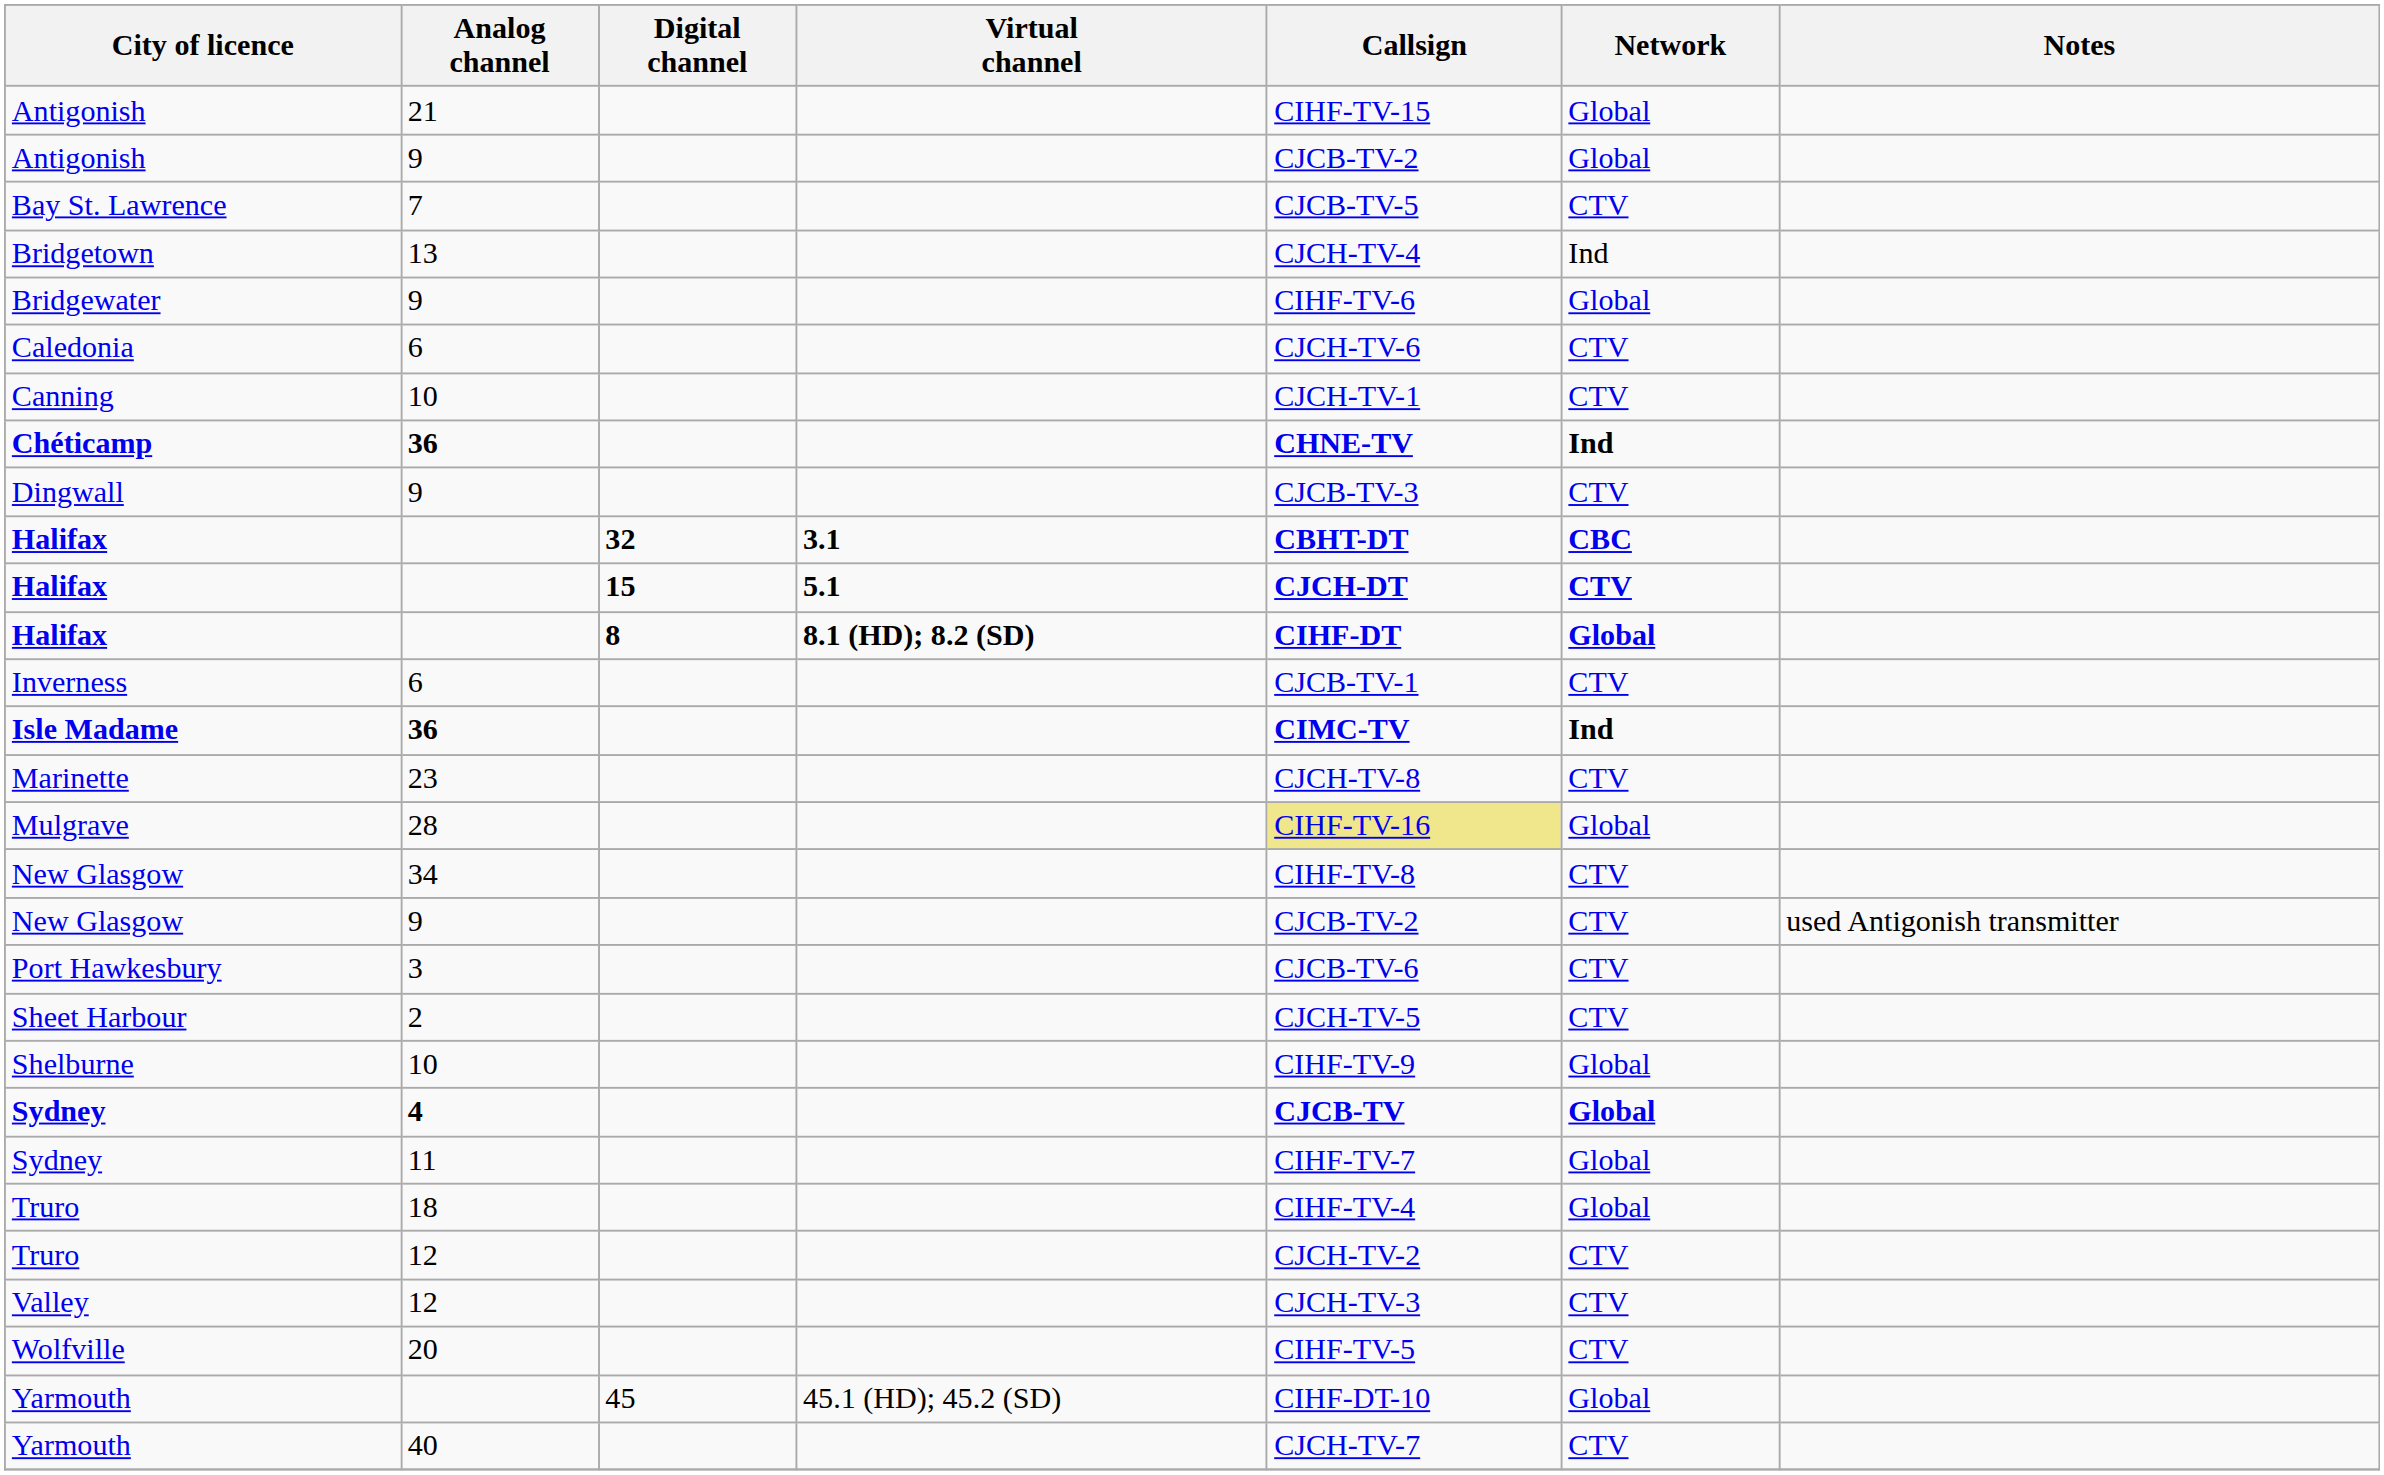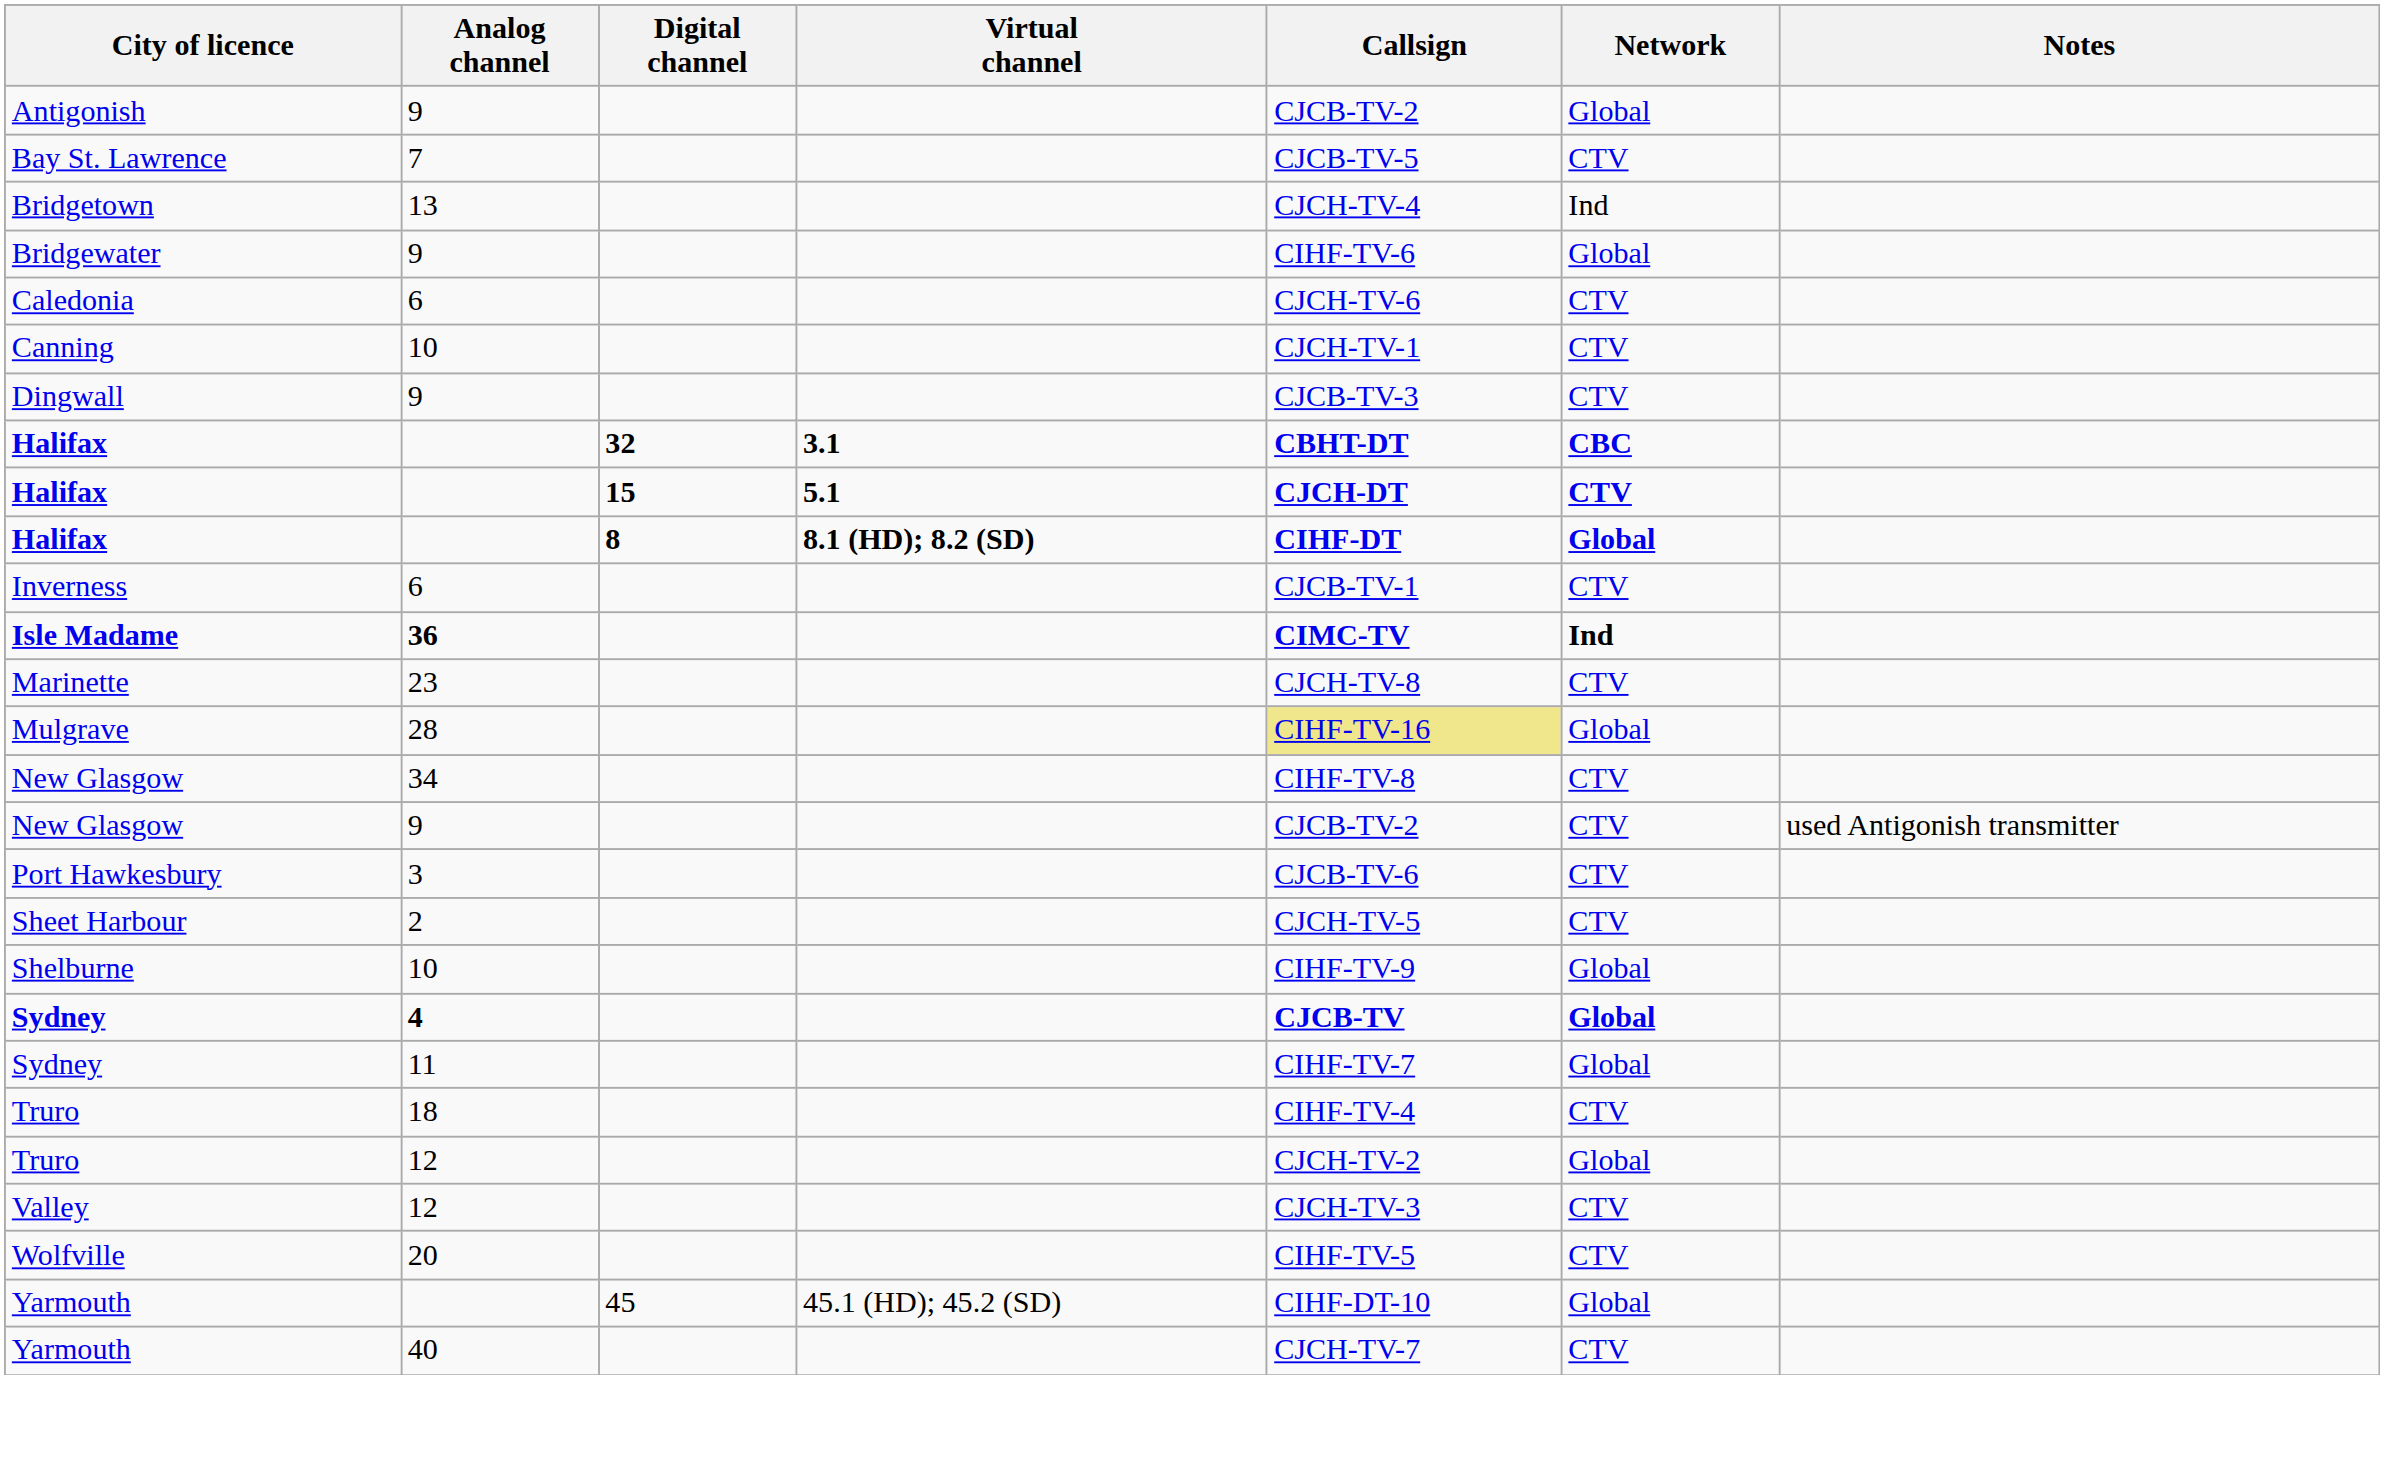 <table class="sortable wikitable" width="100%">
 <tr>
 <th>City of licence</th>
 <th>Analog<br>channel</th>
 <th>Digital<br>channel</th>
 <th>Virtual<br>channel</th>
 <th>Callsign</th>
 <th>Network</th>
 <th>Notes</th>
-</tr>
-<tr>
-<td><a href='#'>Antigonish</a></td>
-<td>21</td>
-<td></td>
-<td></td>
-<td><a href='#'>CIHF-TV-15</a></td>
-<td><a href='#'>Global</a></td>
-<td></td>
 </tr>
 <tr>
 <td><a href='#'>Antigonish</a></td>
 <td>9</td>
 <td></td>
 <td></td>
 <td><a href='#'>CJCB-TV-2</a></td>
 <td><a href='#'>Global</a></td>
 <td></td>
 </tr>
 <tr>
 <td><a href='#'>Bay St. Lawrence</a></td>
 <td>7</td>
 <td></td>
 <td></td>
 <td><a href='#'>CJCB-TV-5</a></td>
 <td><a href='#'>CTV</a></td>
 <td></td>
 </tr>
 <tr>
 <td><a href='#'>Bridgetown</a></td>
 <td>13</td>
 <td></td>
 <td></td>
 <td><a href='#'>CJCH-TV-4</a></td>
 <td>Ind</td>
 <td></td>
 </tr>
 <tr>
 <td><a href='#'>Bridgewater</a></td>
 <td>9</td>
 <td></td>
 <td></td>
 <td><a href='#'>CIHF-TV-6</a></td>
 <td><a href='#'>Global</a></td>
 <td></td>
 </tr>
 <tr>
 <td><a href='#'>Caledonia</a></td>
 <td>6</td>
 <td></td>
 <td></td>
 <td><a href='#'>CJCH-TV-6</a></td>
 <td><a href='#'>CTV</a></td>
 <td></td>
 </tr>
 <tr>
 <td><a href='#'>Canning</a></td>
 <td>10</td>
 <td></td>
 <td></td>
 <td><a href='#'>CJCH-TV-1</a></td>
 <td><a href='#'>CTV</a></td>
-<td></td>
-</tr>
-<tr style="vertical-align: top; text-align: left; font-weight: bold; ">
-<td><a href='#'>Chéticamp</a></td>
-<td>36</td>
-<td></td>
-<td></td>
-<td><a href='#'>CHNE-TV</a></td>
-<td>Ind</td>
 <td></td>
 </tr>
 <tr>
 <td><a href='#'>Dingwall</a></td>
 <td>9</td>
 <td></td>
 <td></td>
 <td><a href='#'>CJCB-TV-3</a></td>
 <td><a href='#'>CTV</a></td>
 <td></td>
 </tr>
 <tr style="vertical-align: top; text-align: left; font-weight: bold; ">
 <td><a href='#'>Halifax</a></td>
 <td></td>
 <td>32</td>
 <td>3.1</td>
 <td><a href='#'>CBHT-DT</a></td>
 <td><a href='#'>CBC</a></td>
 <td></td>
 </tr>
 <tr style="vertical-align: top; text-align: left; font-weight: bold; ">
 <td><a href='#'>Halifax</a></td>
 <td></td>
 <td>15</td>
 <td>5.1</td>
 <td><a href='#'>CJCH-DT</a></td>
 <td><a href='#'>CTV</a></td>
 <td></td>
 </tr>
 <tr style="vertical-align: top; text-align: left; font-weight: bold; ">
 <td><a href='#'>Halifax</a></td>
 <td></td>
 <td>8</td>
 <td>8.1 (HD); 8.2 (SD)</td>
 <td><a href='#'>CIHF-DT</a></td>
 <td><a href='#'>Global</a></td>
 <td></td>
 </tr>
 <tr style="vertical align: top; text align: left;">
 <td><a href='#'>Inverness</a></td>
 <td>6</td>
 <td></td>
 <td></td>
 <td><a href='#'>CJCB-TV-1</a></td>
 <td><a href='#'>CTV</a></td>
 <td></td>
 </tr>
 <tr style="vertical-align: top; text-align: left; font-weight: bold; ">
 <td><a href='#'>Isle Madame</a></td>
 <td>36</td>
 <td></td>
 <td></td>
 <td><a href='#'>CIMC-TV</a></td>
 <td>Ind</td>
 <td></td>
 </tr>
 <tr>
 <td><a href='#'>Marinette</a></td>
 <td>23</td>
 <td></td>
 <td></td>
 <td><a href='#'>CJCH-TV-8</a></td>
 <td><a href='#'>CTV</a></td>
 <td></td>
 </tr>
 <tr style="vertical align: top; text align: left;">
 <td><a href='#'>Mulgrave</a></td>
 <td>28</td>
 <td></td>
 <td></td>
 <td style="background: khaki;"><a href='#'>CIHF-TV-16</a></td>
 <td><a href='#'>Global</a></td>
 <td></td>
 </tr>
 <tr style="vertical align: top; text align: left;">
 <td><a href='#'>New Glasgow</a></td>
 <td>34</td>
 <td></td>
 <td></td>
 <td><a href='#'>CIHF-TV-8</a></td>
 <td><a href='#'>CTV</a></td>
 <td></td>
 </tr>
 <tr style="vertical align: top; text align: left;">
 <td><a href='#'>New Glasgow</a></td>
 <td>9</td>
 <td></td>
 <td></td>
 <td><a href='#'>CJCB-TV-2</a></td>
 <td><a href='#'>CTV</a></td>
 <td>used Antigonish transmitter</td>
 </tr>
 <tr style="vertical align: top; text align: left;">
 <td><a href='#'>Port Hawkesbury</a></td>
 <td>3</td>
 <td></td>
 <td></td>
 <td><a href='#'>CJCB-TV-6</a></td>
 <td><a href='#'>CTV</a></td>
 <td></td>
 </tr>
 <tr style="vertical align: top; text align: left;">
 <td><a href='#'>Sheet Harbour</a></td>
 <td>2</td>
 <td></td>
 <td></td>
 <td><a href='#'>CJCH-TV-5</a></td>
 <td><a href='#'>CTV</a></td>
 <td></td>
 </tr>
 <tr>
 <td><a href='#'>Shelburne</a></td>
 <td>10</td>
 <td></td>
 <td></td>
 <td><a href='#'>CIHF-TV-9</a></td>
 <td><a href='#'>Global</a></td>
 <td></td>
 </tr>
 <tr style="vertical-align: top; text-align: left; font-weight: bold; ">
 <td><a href='#'>Sydney</a></td>
 <td>4</td>
 <td></td>
 <td></td>
 <td><a href='#'>CJCB-TV</a></td>
 <td><a href='#'>Global</a></td>
 <td></td>
 </tr>
 <tr style="vertical align: top; text align: left;">
 <td><a href='#'>Sydney</a></td>
 <td>11</td>
 <td></td>
 <td></td>
 <td><a href='#'>CIHF-TV-7</a></td>
 <td><a href='#'>Global</a></td>
 <td></td>
 </tr>
 <tr style="vertical align: top; text align: left;">
 <td><a href='#'>Truro</a></td>
 <td>18</td>
 <td></td>
 <td></td>
 <td><a href='#'>CIHF-TV-4</a></td>
-<td><a href='#'>Global</a></td>
+<td><a href='#'>CTV</a></td>
 <td></td>
 </tr>
 <tr>
 <td><a href='#'>Truro</a></td>
 <td>12</td>
 <td></td>
 <td></td>
 <td><a href='#'>CJCH-TV-2</a></td>
-<td><a href='#'>CTV</a></td>
+<td><a href='#'>Global</a></td>
 <td></td>
 </tr>
 <tr>
 <td><a href='#'>Valley</a></td>
 <td>12</td>
 <td></td>
 <td></td>
 <td><a href='#'>CJCH-TV-3</a></td>
 <td><a href='#'>CTV</a></td>
 <td></td>
 </tr>
 <tr style="vertical align: top; text align: left;">
 <td><a href='#'>Wolfville</a></td>
 <td>20</td>
 <td></td>
 <td></td>
 <td><a href='#'>CIHF-TV-5</a></td>
 <td><a href='#'>CTV</a></td>
 <td></td>
 </tr>
 <tr style="vertical-align: top; text-align left;">
 <td><a href='#'>Yarmouth</a></td>
 <td></td>
 <td>45</td>
 <td>45.1 (HD); 45.2 (SD)</td>
 <td><a href='#'>CIHF-DT-10</a></td>
 <td><a href='#'>Global</a></td>
 <td></td>
 </tr>
 <tr>
 <td><a href='#'>Yarmouth</a></td>
 <td>40</td>
 <td></td>
 <td></td>
 <td><a href='#'>CJCH-TV-7</a></td>
 <td><a href='#'>CTV</a></td>
 <td></td>
 </tr>
 <tr>
 </tr>
 </table>
